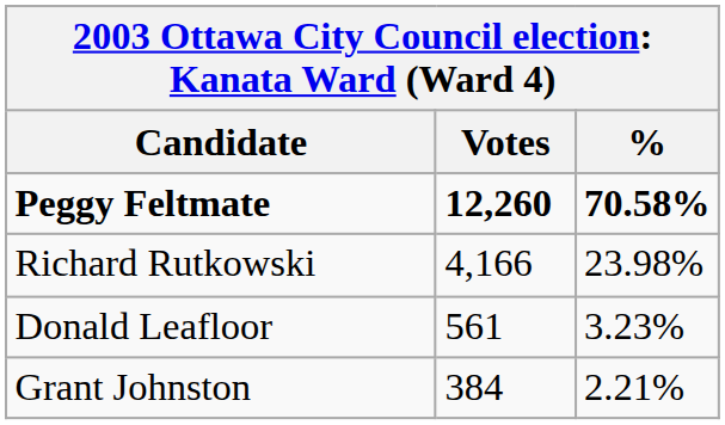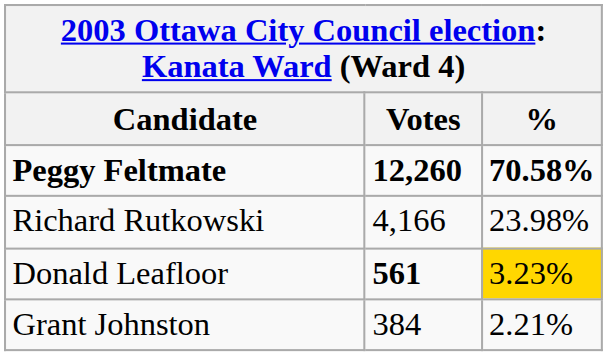 <table class="wikitable">
 <tr>
 <th colspan="3"><a href='#'>2003 Ottawa City Council election</a>: <a href='#'>Kanata Ward</a> (Ward 4)</th>
 </tr>
 <tr>
 <th style="width: 170px">Candidate</th>
 <th style="width: 50px">Votes</th>
 <th style="width: 40px">%</th>
 </tr>
 <tr>
 <td><strong>Peggy Feltmate</strong></td>
 <td><strong>12,260</strong></td>
 <td><strong>70.58%</strong></td>
 </tr>
 <tr>
 <td>Richard Rutkowski</td>
 <td>4,166</td>
 <td>23.98%</td>
 </tr>
 <tr>
 <td>Donald Leafloor</td>
-<td>561</td>
-<td>3.23%</td>
+<td><strong>561</strong></td>
+<td style="background: gold;">3.23%</td>
 </tr>
 <tr>
 <td>Grant Johnston</td>
 <td>384</td>
 <td>2.21%</td>
 </tr>
 </table>
